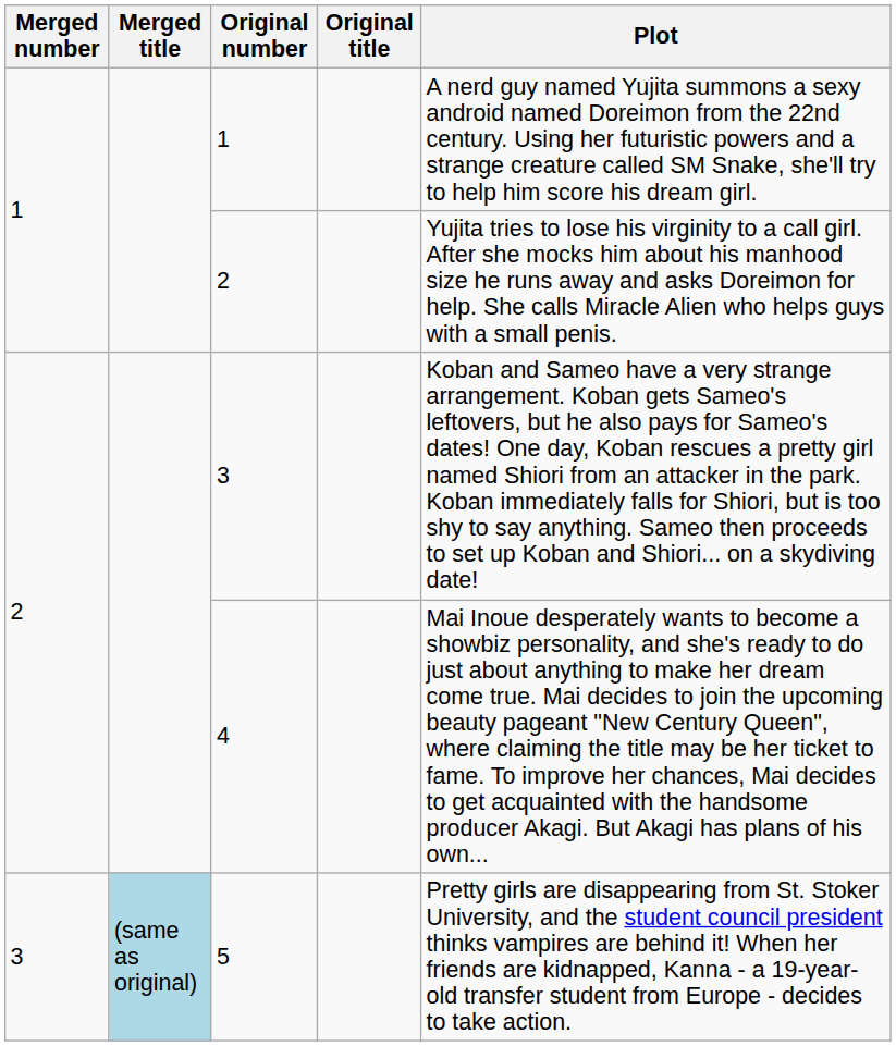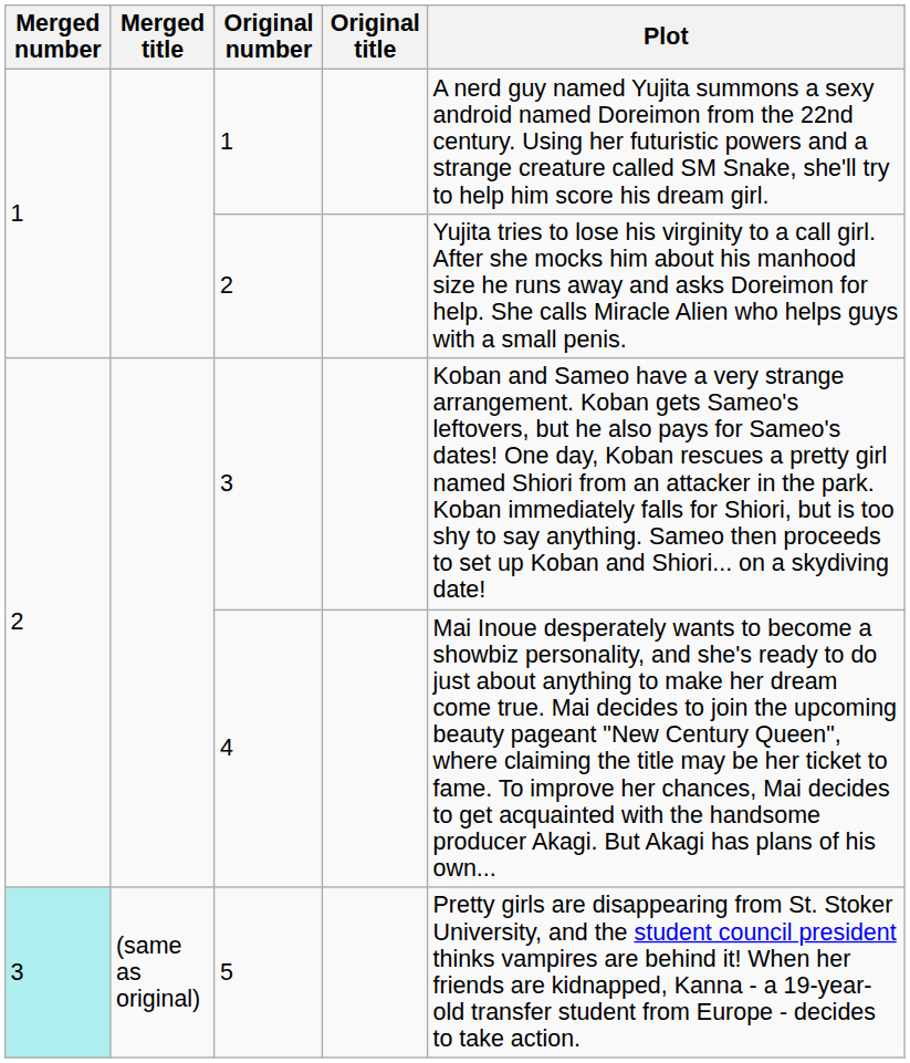 <table class="wikitable">
 <tr>
 <th>Merged number</th>
 <th>Merged title</th>
 <th>Original number</th>
 <th>Original title</th>
 <th>Plot</th>
 </tr>
 <tr>
 <td rowspan="2">1</td>
 <td rowspan="2"></td>
 <td>1</td>
 <td></td>
 <td>A nerd guy named Yujita summons a sexy android named Doreimon from the 22nd century. Using her futuristic powers and a strange creature called SM Snake, she'll try to help him score his dream girl.</td>
 </tr>
 <tr>
 <td>2</td>
 <td></td>
 <td>Yujita tries to lose his virginity to a call girl. After she mocks him about his manhood size he runs away and asks Doreimon for help. She calls Miracle Alien who helps guys with a small penis.</td>
 </tr>
 <tr>
 <td rowspan="2">2</td>
 <td rowspan="2"></td>
 <td>3</td>
 <td></td>
 <td>Koban and Sameo have a very strange arrangement. Koban gets Sameo's leftovers, but he also pays for Sameo's dates! One day, Koban rescues a pretty girl named Shiori from an attacker in the park. Koban immediately falls for Shiori, but is too shy to say anything. Sameo then proceeds to set up Koban and Shiori... on a skydiving date!</td>
 </tr>
 <tr>
 <td>4</td>
 <td></td>
 <td>Mai Inoue desperately wants to become a showbiz personality, and she's ready to do just about anything to make her dream come true. Mai decides to join the upcoming beauty pageant "New Century Queen", where claiming the title may be her ticket to fame. To improve her chances, Mai decides to get acquainted with the handsome producer Akagi. But Akagi has plans of his own...</td>
 </tr>
 <tr>
-<td>3</td>
-<td style="background: lightblue;">(same as original)</td>
+<td style="background: paleturquoise;">3</td>
+<td>(same as original)</td>
 <td>5</td>
 <td></td>
 <td>Pretty girls are disappearing from St. Stoker University, and the <a href='#'>student council president</a> thinks vampires are behind it! When her friends are kidnapped, Kanna - a 19-year-old transfer student from Europe - decides to take action.</td>
 </tr>
 </table>
